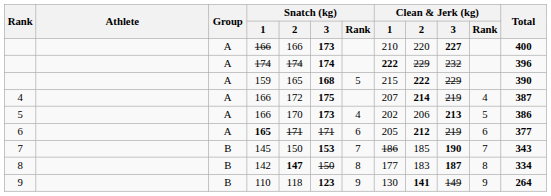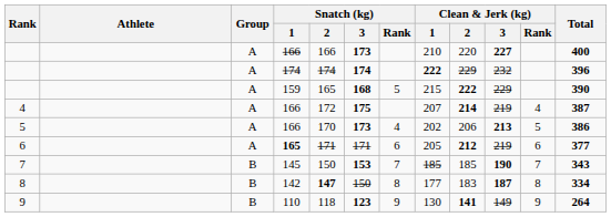 <table class = "wikitable" style="text-align:center;">
 <tr>
 <th rowspan=2 width=40>Rank</th>
 <th rowspan=2 width=250>Athlete</th>
 <th rowspan=2 width=50>Group</th>
 <th colspan=4>Snatch (kg)</th>
 <th colspan=4>Clean & Jerk (kg)</th>
 <th rowspan=2 width=60>Total</th>
 </tr>
 <tr>
 <th width=40>1</th>
 <th width=40>2</th>
 <th width=40>3</th>
 <th width=40>Rank</th>
 <th width=40>1</th>
 <th width=40>2</th>
 <th width=40>3</th>
 <th width=40>Rank</th>
 </tr>
 <tr>
 <td></td>
 <td align=left></td>
 <td>A</td>
 <td><s>166</s></td>
 <td>166</td>
 <td><strong>173</strong></td>
 <td></td>
 <td>210</td>
 <td>220</td>
 <td><strong>227</strong></td>
 <td></td>
 <td><strong>400</strong></td>
 </tr>
 <tr>
 <td></td>
 <td align=left></td>
 <td>A</td>
 <td><s>174</s></td>
 <td><s>174</s></td>
 <td><strong>174</strong></td>
 <td></td>
 <td><strong>222</strong></td>
 <td><s>229</s></td>
 <td><s>232</s></td>
 <td></td>
 <td><strong>396</strong></td>
 </tr>
 <tr>
 <td></td>
 <td align=left></td>
 <td>A</td>
 <td>159</td>
 <td>165</td>
 <td><strong>168</strong></td>
 <td>5</td>
 <td>215</td>
 <td><strong>222</strong></td>
 <td><s>229</s></td>
 <td></td>
 <td><strong>390</strong></td>
 </tr>
 <tr>
 <td>4</td>
 <td align=left></td>
 <td>A</td>
 <td>166</td>
 <td>172</td>
 <td><strong>175</strong></td>
 <td></td>
 <td>207</td>
 <td><strong>214</strong></td>
 <td><s>219</s></td>
 <td>4</td>
 <td><strong>387</strong></td>
 </tr>
 <tr>
 <td>5</td>
 <td align=left></td>
 <td>A</td>
 <td>166</td>
 <td>170</td>
 <td><strong>173</strong></td>
 <td>4</td>
 <td>202</td>
 <td>206</td>
 <td><strong>213</strong></td>
 <td>5</td>
 <td><strong>386</strong></td>
 </tr>
 <tr>
 <td>6</td>
 <td align=left></td>
 <td>A</td>
 <td><strong>165</strong></td>
 <td><s>171</s></td>
 <td><s>171</s></td>
 <td>6</td>
 <td>205</td>
 <td><strong>212</strong></td>
 <td><s>219</s></td>
 <td>6</td>
 <td><strong>377</strong></td>
 </tr>
 <tr>
 <td>7</td>
 <td align=left></td>
 <td>B</td>
 <td>145</td>
 <td>150</td>
 <td><strong>153</strong></td>
 <td>7</td>
-<td><s>186</s></td>
+<td><s>185</s></td>
 <td>185</td>
 <td><strong>190</strong></td>
 <td>7</td>
 <td><strong>343</strong></td>
 </tr>
 <tr>
 <td>8</td>
 <td align=left></td>
 <td>B</td>
 <td>142</td>
 <td><strong>147</strong></td>
 <td><s>150</s></td>
 <td>8</td>
 <td>177</td>
 <td>183</td>
 <td><strong>187</strong></td>
 <td>8</td>
 <td><strong>334</strong></td>
 </tr>
 <tr>
 <td>9</td>
 <td align=left></td>
 <td>B</td>
 <td>110</td>
 <td>118</td>
 <td><strong>123</strong></td>
 <td>9</td>
 <td>130</td>
 <td><strong>141</strong></td>
 <td><s>149</s></td>
 <td>9</td>
 <td><strong>264</strong></td>
 </tr>
 </table>
